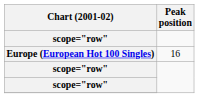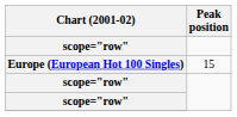 <table class="wikitable sortable plainrowheaders">
 <tr>
 <th>Chart (2001-02)</th>
 <th>Peak<br>position</th>
 </tr>
 <tr>
 <th>scope="row"</th>
 </tr>
 <tr>
 <th scope="row">Europe (<a href='#'>European Hot 100 Singles</a>)</th>
-<td style="text-align:center;">16</td>
+<td style="text-align:center;">15</td>
 </tr>
 <tr>
 <th>scope="row"</th>
 </tr>
 <tr>
 <th>scope="row"</th>
 </tr>
 <tr>
 </tr>
 </table>
